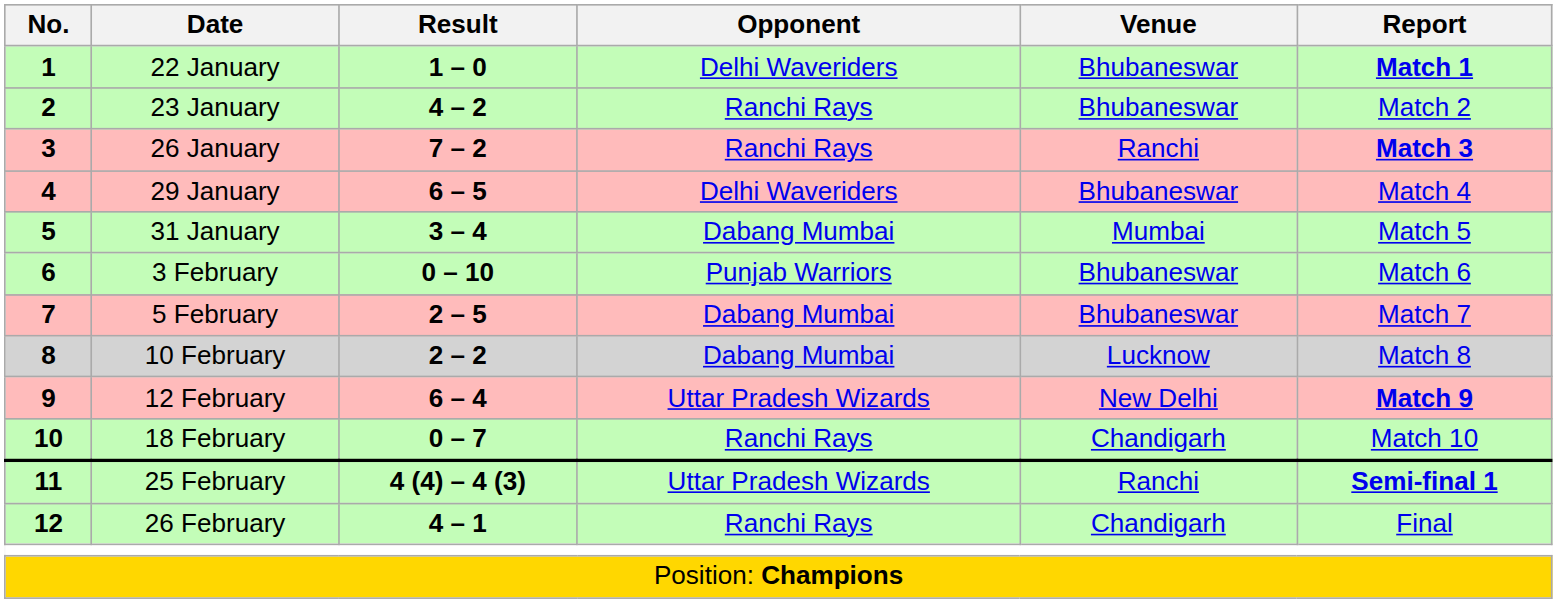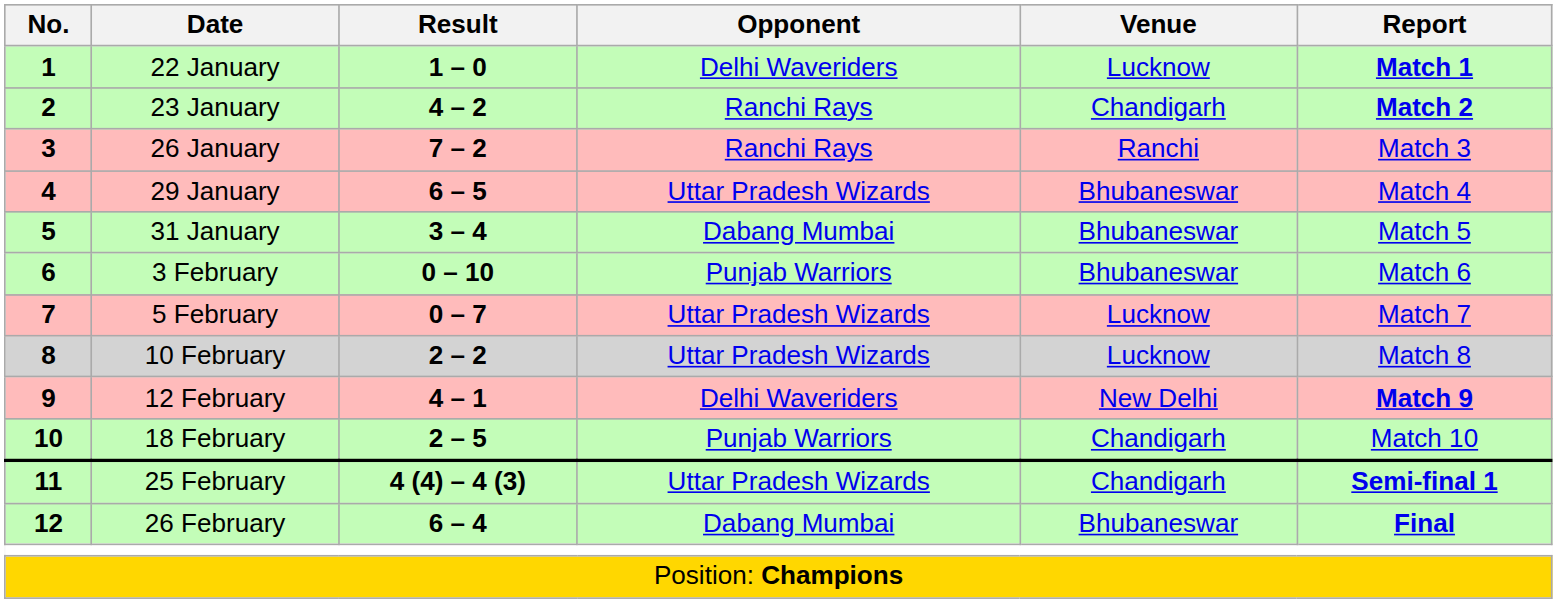 <table class=wikitable style="width:60%;text-align:center; border:none">
 <tr>
 <th>No.</th>
 <th>Date</th>
 <th>Result</th>
 <th>Opponent</th>
 <th>Venue</th>
 <th>Report</th>
 </tr>
 <tr style="background:#c3fdb8;">
 <td><strong>1</strong></td>
 <td>22 January</td>
 <td><strong>1 – 0</strong></td>
 <td><a href='#'>Delhi Waveriders</a></td>
-<td><a href='#'>Bhubaneswar</a></td>
+<td><a href='#'>Lucknow</a></td>
 <td><strong><a href='#'>Match 1</a></strong></td>
 </tr>
 <tr style="background:#c3fdb8;">
 <td><strong>2</strong></td>
 <td>23 January</td>
 <td><strong>4 – 2</strong></td>
 <td><a href='#'>Ranchi Rays</a></td>
-<td><a href='#'>Bhubaneswar</a></td>
-<td><a href='#'>Match 2</a></td>
+<td><a href='#'>Chandigarh</a></td>
+<td><strong><a href='#'>Match 2</a></strong></td>
 </tr>
 <tr style="background:#fbb;">
 <td><strong>3</strong></td>
 <td>26 January</td>
 <td><strong>7 – 2</strong></td>
 <td><a href='#'>Ranchi Rays</a></td>
 <td><a href='#'>Ranchi</a></td>
-<td><strong><a href='#'>Match 3</a></strong></td>
+<td><a href='#'>Match 3</a></td>
 </tr>
 <tr style="background:#fbb;">
 <td><strong>4</strong></td>
 <td>29 January</td>
 <td><strong>6 – 5</strong></td>
-<td><a href='#'>Delhi Waveriders</a></td>
+<td><a href='#'>Uttar Pradesh Wizards</a></td>
 <td><a href='#'>Bhubaneswar</a></td>
 <td><a href='#'>Match 4</a></td>
 </tr>
 <tr style="background:#c3fdb8;">
 <td><strong>5</strong></td>
 <td>31 January</td>
 <td><strong>3 – 4</strong></td>
 <td><a href='#'>Dabang Mumbai</a></td>
-<td><a href='#'>Mumbai</a></td>
+<td><a href='#'>Bhubaneswar</a></td>
 <td><a href='#'>Match 5</a></td>
 </tr>
 <tr style="background:#c3fdb8;">
 <td><strong>6</strong></td>
 <td>3 February</td>
 <td><strong>0 – 10</strong></td>
 <td><a href='#'>Punjab Warriors</a></td>
 <td><a href='#'>Bhubaneswar</a></td>
 <td><a href='#'>Match 6</a></td>
 </tr>
 <tr style="background:#fbb;">
 <td><strong>7</strong></td>
 <td>5 February</td>
-<td><strong>2 – 5</strong></td>
-<td><a href='#'>Dabang Mumbai</a></td>
-<td><a href='#'>Bhubaneswar</a></td>
+<td><strong>0 – 7</strong></td>
+<td><a href='#'>Uttar Pradesh Wizards</a></td>
+<td><a href='#'>Lucknow</a></td>
 <td><a href='#'>Match 7</a></td>
 </tr>
 <tr style="background:#d3d3d3;">
 <td><strong>8</strong></td>
 <td>10 February</td>
 <td><strong>2 – 2</strong></td>
-<td><a href='#'>Dabang Mumbai</a></td>
+<td><a href='#'>Uttar Pradesh Wizards</a></td>
 <td><a href='#'>Lucknow</a></td>
 <td><a href='#'>Match 8</a></td>
 </tr>
 <tr style="background:#fbb;">
 <td><strong>9</strong></td>
 <td>12 February</td>
-<td><strong>6 – 4</strong></td>
-<td><a href='#'>Uttar Pradesh Wizards</a></td>
+<td><strong>4 – 1</strong></td>
+<td><a href='#'>Delhi Waveriders</a></td>
 <td><a href='#'>New Delhi</a></td>
 <td><strong><a href='#'>Match 9</a></strong></td>
 </tr>
 <tr style="background:#c3fdb8;">
 <td><strong>10</strong></td>
 <td>18 February</td>
-<td><strong>0 – 7</strong></td>
-<td><a href='#'>Ranchi Rays</a></td>
+<td><strong>2 – 5</strong></td>
+<td><a href='#'>Punjab Warriors</a></td>
 <td><a href='#'>Chandigarh</a></td>
 <td><a href='#'>Match 10</a></td>
 </tr>
 <tr style="border-top:2px solid black;background:#c3fdb8;">
 <td><strong>11</strong></td>
 <td>25 February</td>
 <td><strong>4 (4) – 4 (3)</strong></td>
 <td><a href='#'>Uttar Pradesh Wizards</a></td>
-<td><a href='#'>Ranchi</a></td>
+<td><a href='#'>Chandigarh</a></td>
 <td><strong><a href='#'>Semi-final 1</a></strong></td>
 </tr>
 <tr style="background:#c3fdb8;">
 <td><strong>12</strong></td>
 <td>26 February</td>
-<td><strong>4 – 1</strong></td>
-<td><a href='#'>Ranchi Rays</a></td>
-<td><a href='#'>Chandigarh</a></td>
-<td><a href='#'>Final</a></td>
+<td><strong>6 – 4</strong></td>
+<td><a href='#'>Dabang Mumbai</a></td>
+<td><a href='#'>Bhubaneswar</a></td>
+<td><strong><a href='#'>Final</a></strong></td>
 </tr>
 <tr>
 <td colspan="6" style="background:#ffffff; border:none"></td>
 </tr>
 <tr>
 <td colspan="6" style="background:Gold;">Position: <strong>Champions</strong></td>
 </tr>
 </table>
